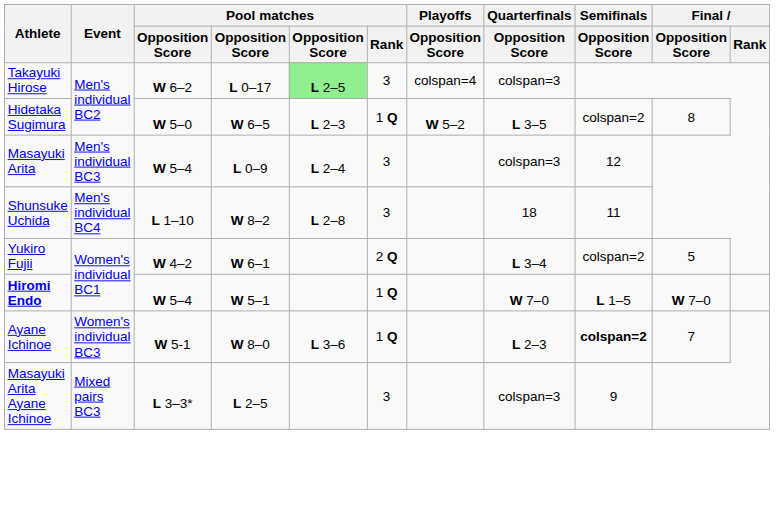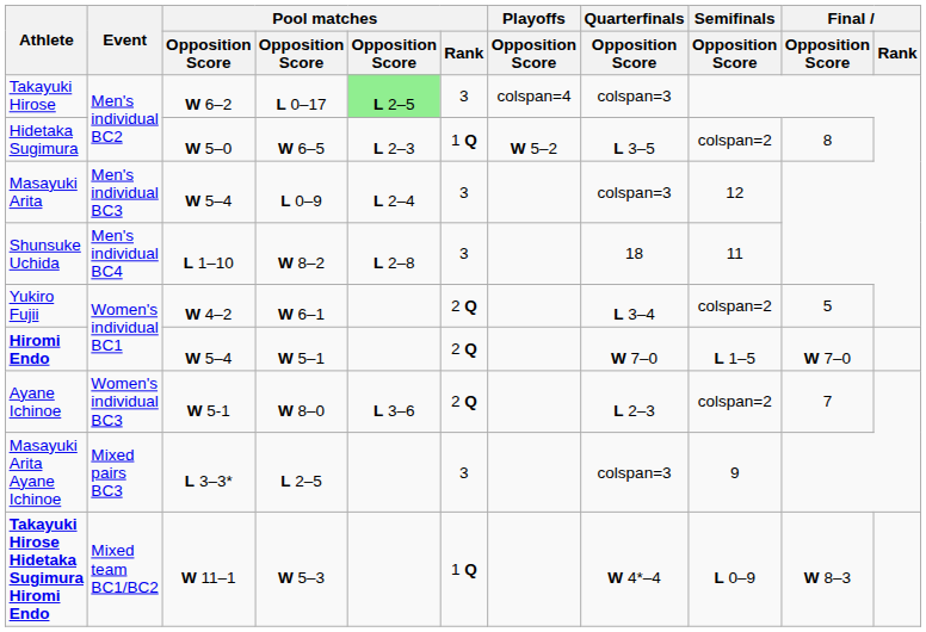 <table class=wikitable style="font-size:90%">
 <tr>
 <th rowspan="2">Athlete</th>
 <th rowspan="2">Event</th>
 <th colspan=4>Pool matches</th>
 <th>Playoffs</th>
 <th>Quarterfinals</th>
 <th>Semifinals</th>
 <th colspan=2>Final / </th>
 </tr>
 <tr>
 <th>Opposition<br>Score</th>
 <th>Opposition<br>Score</th>
 <th>Opposition<br>Score</th>
 <th>Rank</th>
 <th>Opposition<br>Score</th>
 <th>Opposition<br>Score</th>
 <th>Opposition<br>Score</th>
 <th>Opposition<br>Score</th>
 <th>Rank</th>
 </tr>
 <tr align=center>
 <td align=left><a href='#'>Takayuki Hirose</a></td>
 <td align=left rowspan=2><a href='#'>Men's individual BC2</a></td>
 <td><br><strong>W</strong> 6–2</td>
 <td><br><strong>L</strong> 0–17</td>
 <td style="background: lightgreen;"><br><strong>L</strong> 2–5</td>
 <td>3</td>
 <td>colspan=4 </td>
 <td>colspan=3 </td>
 </tr>
 <tr align=center>
 <td align=left><a href='#'>Hidetaka Sugimura</a></td>
 <td> <br><strong>W</strong> 5–0</td>
 <td><br><strong>W</strong> 6–5</td>
 <td><br><strong>L</strong> 2–3</td>
 <td>1 <strong>Q</strong></td>
 <td><br><strong>W</strong> 5–2</td>
 <td><br><strong>L</strong> 3–5</td>
 <td>colspan=2 </td>
 <td>8</td>
 </tr>
 <tr align=center>
 <td align=left><a href='#'>Masayuki Arita</a></td>
 <td align=left><a href='#'>Men's individual BC3</a></td>
 <td><br><strong>W</strong> 5–4</td>
 <td><br><strong>L</strong> 0–9</td>
 <td><br><strong>L</strong> 2–4</td>
 <td>3</td>
 <td></td>
 <td>colspan=3 </td>
 <td>12</td>
 </tr>
 <tr align=center>
 <td align=left><a href='#'>Shunsuke Uchida</a></td>
 <td align=left><a href='#'>Men's individual BC4</a></td>
 <td><br><strong>L</strong> 1–10</td>
 <td><br><strong>W</strong> 8–2</td>
 <td><br><strong>L</strong> 2–8</td>
 <td>3</td>
 <td></td>
 <td>18</td>
 <td>11</td>
 </tr>
 <tr align=center>
 <td align=left><a href='#'>Yukiro Fujii</a></td>
 <td align=left rowspan=2><a href='#'>Women's individual BC1</a></td>
 <td><br><strong>W</strong> 4–2</td>
 <td><br><strong>W</strong> 6–1</td>
 <td></td>
 <td>2 <strong>Q</strong></td>
 <td></td>
 <td><br><strong>L</strong> 3–4</td>
 <td>colspan=2 </td>
 <td>5</td>
 </tr>
 <tr align=center>
 <td align=left><strong><a href='#'>Hiromi Endo</a></strong></td>
 <td><br><strong>W</strong> 5–4</td>
 <td><br><strong>W</strong> 5–1</td>
 <td></td>
-<td>1 <strong>Q</strong></td>
+<td>2 <strong>Q</strong></td>
 <td></td>
 <td><br><strong>W</strong> 7–0</td>
 <td><br><strong>L</strong> 1–5</td>
 <td><br><strong>W</strong> 7–0</td>
 <td></td>
 </tr>
 <tr align=center>
 <td align=left><a href='#'>Ayane Ichinoe</a></td>
 <td align=left><a href='#'>Women's individual BC3</a></td>
 <td><br><strong>W</strong> 5-1</td>
 <td><br><strong>W</strong> 8–0</td>
 <td><br><strong>L</strong> 3–6</td>
-<td>1 <strong>Q</strong></td>
+<td>2 <strong>Q</strong></td>
 <td></td>
 <td><br><strong>L</strong> 2–3</td>
-<td><strong>colspan=2 </strong></td>
+<td>colspan=2 </td>
 <td>7</td>
 </tr>
 <tr align=center>
 <td align=left><a href='#'>Masayuki Arita</a><br><a href='#'>Ayane Ichinoe</a></td>
 <td align=left><a href='#'>Mixed pairs BC3</a></td>
 <td><br><strong>L</strong> 3–3*</td>
 <td><br><strong>L</strong> 2–5</td>
 <td></td>
 <td>3</td>
 <td></td>
 <td>colspan=3 </td>
 <td>9</td>
 </tr>
+<tr align=center>
+<td align=left><strong><a href='#'>Takayuki Hirose</a></strong><br><strong><a href='#'>Hidetaka Sugimura</a></strong><br><strong><a href='#'>Hiromi Endo</a></strong></td>
+<td align=left><a href='#'>Mixed team BC1/BC2</a></td>
+<td><br><strong>W</strong> 11–1</td>
+<td><br><strong>W</strong> 5–3</td>
+<td></td>
+<td>1 <strong>Q</strong></td>
+<td></td>
+<td><br><strong>W</strong> 4*–4</td>
+<td><br><strong>L</strong> 0–9</td>
+<td><br><strong>W</strong> 8–3</td>
+<td></td>
+</tr>
 </table>
